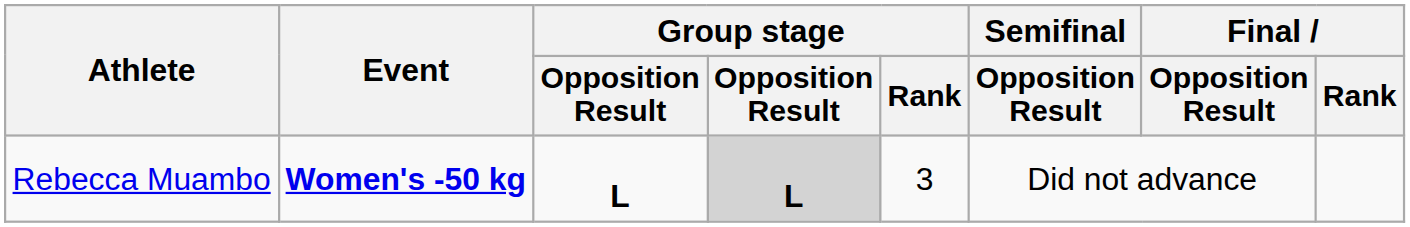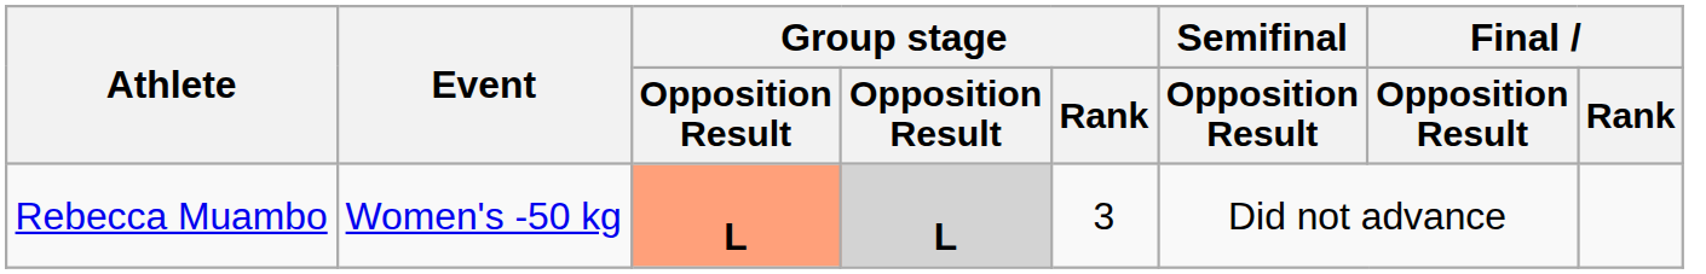 <table class="wikitable" style="font-size:90%;">
 <tr>
 <th rowspan=2>Athlete</th>
 <th rowspan=2>Event</th>
 <th colspan=3>Group stage</th>
 <th>Semifinal</th>
 <th colspan=2>Final / </th>
 </tr>
 <tr style="font-size: 95%">
 <th>Opposition<br>Result</th>
 <th>Opposition<br>Result</th>
 <th>Rank</th>
 <th>Opposition<br>Result</th>
 <th>Opposition<br>Result</th>
 <th>Rank</th>
 </tr>
 <tr align=center>
 <td align=left><a href='#'>Rebecca Muambo</a></td>
-<td align=left><strong><a href='#'>Women's -50 kg</a></strong></td>
-<td><br><strong>L</strong> </td>
+<td align=left><a href='#'>Women's -50 kg</a></td>
+<td style="background: lightsalmon;"><br><strong>L</strong> </td>
 <td style="background: lightgrey;"><br><strong>L</strong> </td>
 <td>3</td>
 <td colspan="2">Did not advance</td>
 <td></td>
 </tr>
 </table>
